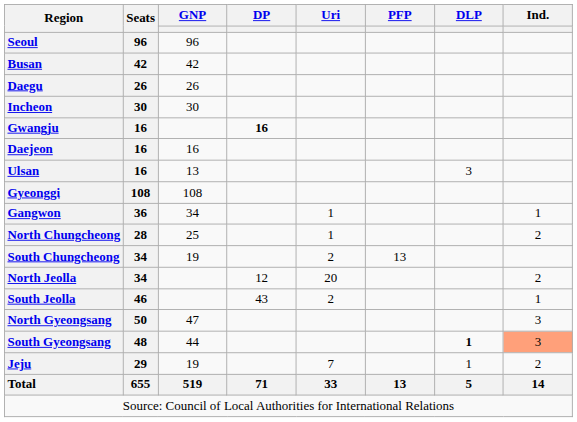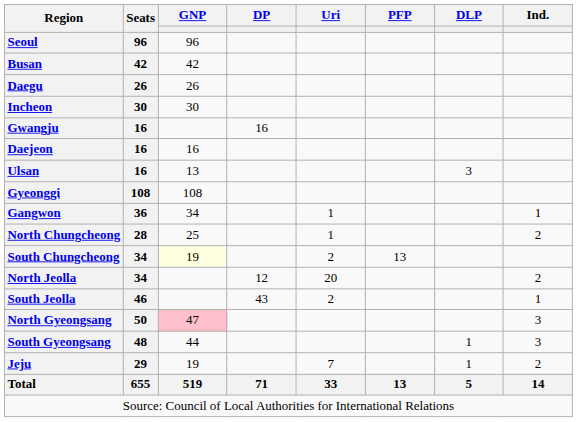 <table class="wikitable" style="text-align:center; font-size: 0.9em;">
 <tr>
 <th rowspan="2">Region</th>
 <th rowspan="2">Seats</th>
 <th class="unsortable" style="width:70px;"><a href='#'>GNP</a></th>
 <th class="unsortable" style="width:70px;"><a href='#'>DP</a></th>
 <th class="unsortable" style="width:70px;"><a href='#'>Uri</a></th>
 <th class="unsortable" style="width:70px;"><a href='#'>PFP</a></th>
 <th class="unsortable" style="width:70px;"><a href='#'>DLP</a></th>
 <th class="unsortable" style="width:70px;">Ind.</th>
 </tr>
 <tr>
 <th style="background:"></th>
 <th style="background:"></th>
 <th style="background:"></th>
 <th style="background:"></th>
 <th style="background:"></th>
 <th style="background:"></th>
 </tr>
 <tr>
 <th style="text-align: left;"><a href='#'>Seoul</a></th>
 <th>96</th>
 <td>96</td>
 <td></td>
 <td></td>
 <td></td>
 <td></td>
 <td></td>
 </tr>
 <tr>
 <th style="text-align: left;"><a href='#'>Busan</a></th>
 <th>42</th>
 <td>42</td>
 <td></td>
 <td></td>
 <td></td>
 <td></td>
 <td></td>
 </tr>
 <tr>
 <th style="text-align: left;"><a href='#'>Daegu</a></th>
 <th>26</th>
 <td>26</td>
 <td></td>
 <td></td>
 <td></td>
 <td></td>
 <td></td>
 </tr>
 <tr>
 <th style="text-align: left;"><a href='#'>Incheon</a></th>
 <th>30</th>
 <td>30</td>
 <td></td>
 <td></td>
 <td></td>
 <td></td>
 <td></td>
 </tr>
 <tr>
 <th style="text-align: left;"><a href='#'>Gwangju</a></th>
 <th>16</th>
 <td></td>
-<td><strong>16</strong></td>
+<td>16</td>
 <td></td>
 <td></td>
 <td></td>
 <td></td>
 </tr>
 <tr>
 <th style="text-align: left;"><a href='#'>Daejeon</a></th>
 <th>16</th>
 <td>16</td>
 <td></td>
 <td></td>
 <td></td>
 <td></td>
 <td></td>
 </tr>
 <tr>
 <th style="text-align: left;"><a href='#'>Ulsan</a></th>
 <th>16</th>
 <td>13</td>
 <td></td>
 <td></td>
 <td></td>
 <td>3</td>
 <td></td>
 </tr>
 <tr>
 <th style="text-align: left;"><a href='#'>Gyeonggi</a></th>
 <th>108</th>
 <td>108</td>
 <td></td>
 <td></td>
 <td></td>
 <td></td>
 <td></td>
 </tr>
 <tr>
 <th style="text-align: left;"><a href='#'>Gangwon</a></th>
 <th>36</th>
 <td>34</td>
 <td></td>
 <td>1</td>
 <td></td>
 <td></td>
 <td>1</td>
 </tr>
 <tr>
 <th style="text-align: left;"><a href='#'>North Chungcheong</a></th>
 <th>28</th>
 <td>25</td>
 <td></td>
 <td>1</td>
 <td></td>
 <td></td>
 <td>2</td>
 </tr>
 <tr>
 <th style="text-align: left;"><a href='#'>South Chungcheong</a></th>
 <th>34</th>
-<td>19</td>
+<td style="background: lightyellow;">19</td>
 <td></td>
 <td>2</td>
 <td>13</td>
 <td></td>
 <td></td>
 </tr>
 <tr>
 <th style="text-align: left;"><a href='#'>North Jeolla</a></th>
 <th>34</th>
 <td></td>
 <td>12</td>
 <td>20</td>
 <td></td>
 <td></td>
 <td>2</td>
 </tr>
 <tr>
 <th style="text-align: left;"><a href='#'>South Jeolla</a></th>
 <th>46</th>
 <td></td>
 <td>43</td>
 <td>2</td>
 <td></td>
 <td></td>
 <td>1</td>
 </tr>
 <tr>
 <th style="text-align: left;"><a href='#'>North Gyeongsang</a></th>
 <th>50</th>
-<td>47</td>
+<td style="background: pink;">47</td>
 <td></td>
 <td></td>
 <td></td>
 <td></td>
 <td>3</td>
 </tr>
 <tr>
 <th style="text-align: left;"><a href='#'>South Gyeongsang</a></th>
 <th>48</th>
 <td>44</td>
 <td></td>
 <td></td>
 <td></td>
-<td><strong>1</strong></td>
-<td style="background: lightsalmon;">3</td>
+<td>1</td>
+<td>3</td>
 </tr>
 <tr>
 <th style="text-align: left;"><a href='#'>Jeju</a></th>
 <th>29</th>
 <td>19</td>
 <td></td>
 <td>7</td>
 <td></td>
 <td>1</td>
 <td>2</td>
 </tr>
 <tr class="sortbottom">
 <th style="text-align: left;">Total</th>
 <th>655</th>
 <th>519</th>
 <th>71</th>
 <th>33</th>
 <th>13</th>
 <th>5</th>
 <th>14</th>
 </tr>
 <tr>
 <td colspan="8">Source: Council of Local Authorities for International Relations</td>
 </tr>
 </table>
